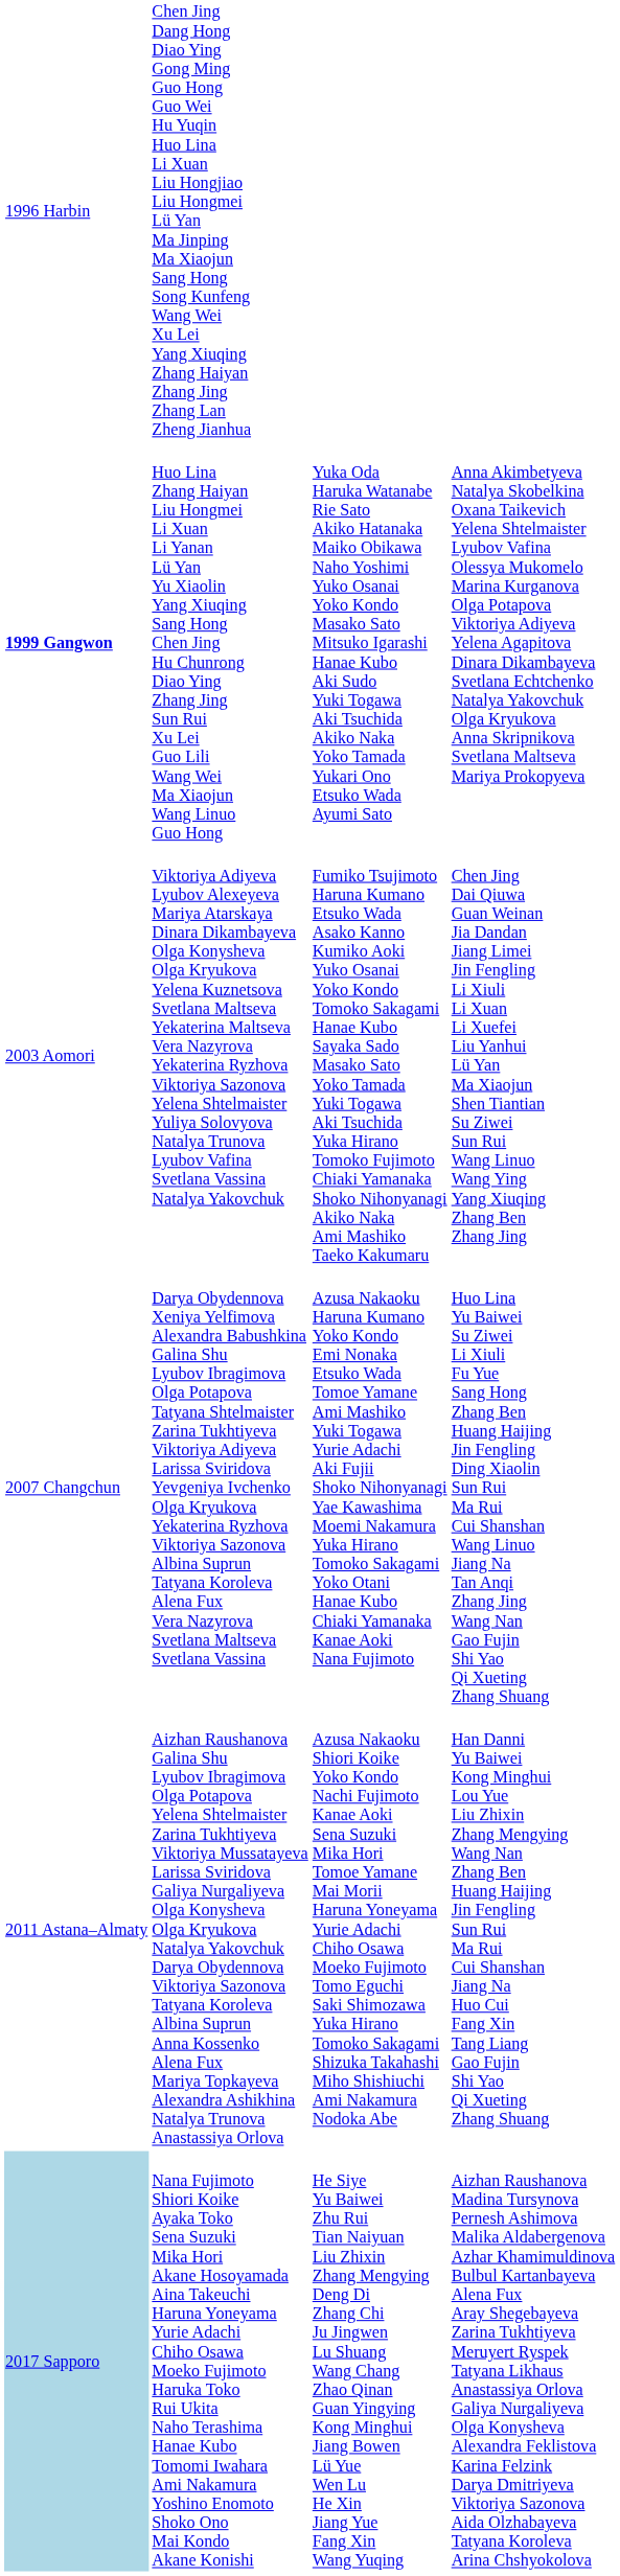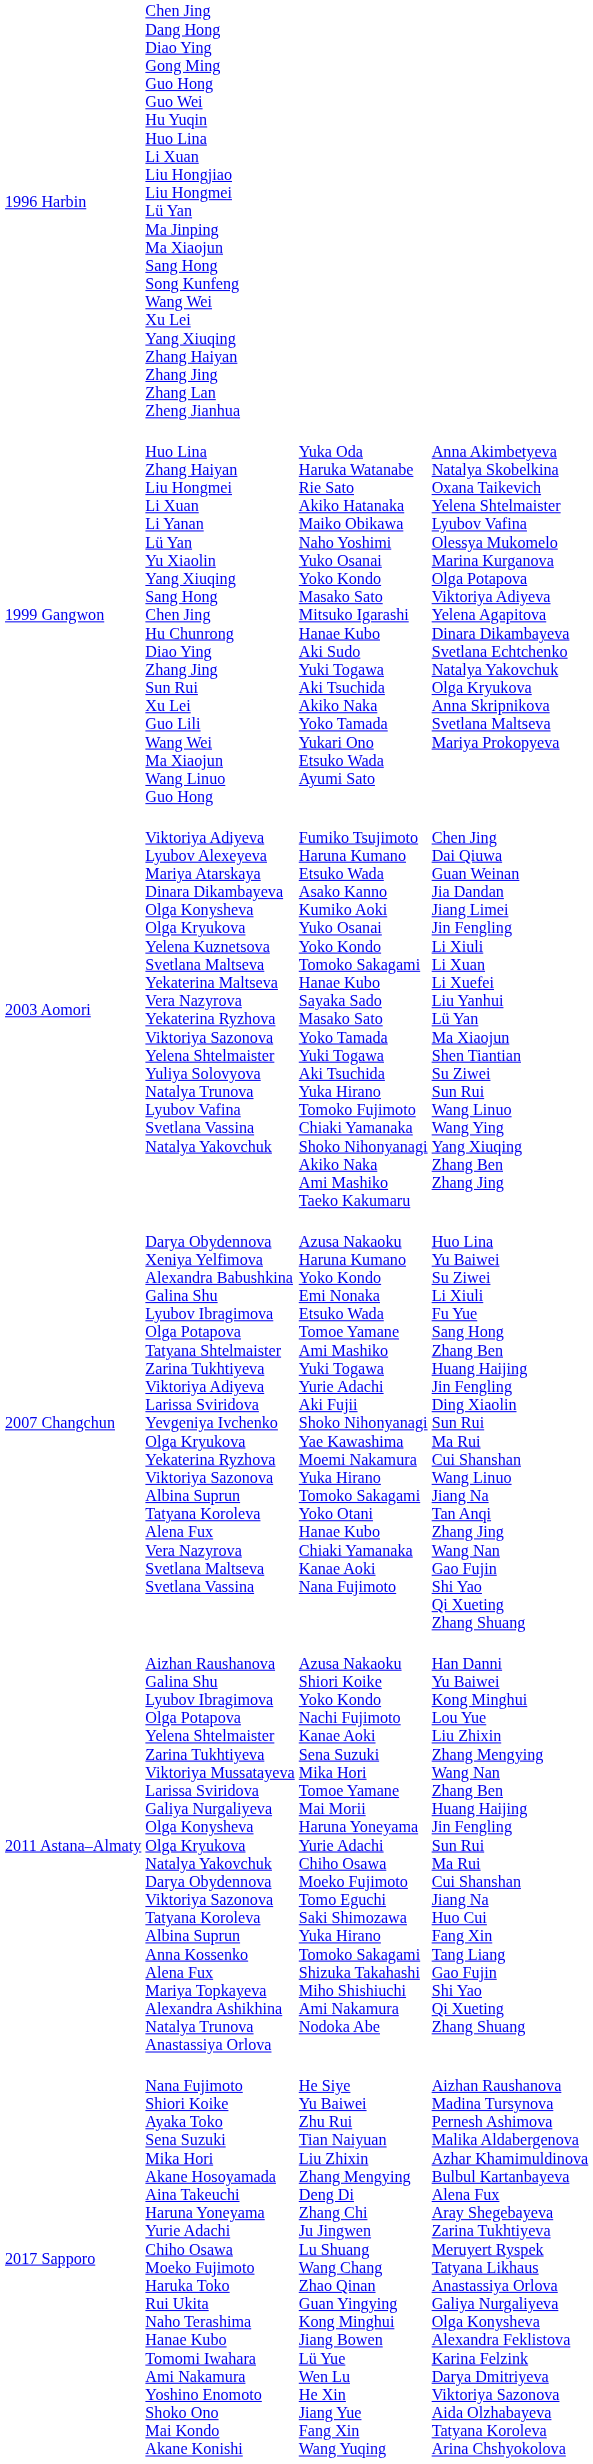 <table>
 <tr>
 <td><a href='#'>1996 Harbin</a></td>
 <td><br><a href='#'>Chen Jing</a><br><a href='#'>Dang Hong</a><br><a href='#'>Diao Ying</a><br><a href='#'>Gong Ming</a><br><a href='#'>Guo Hong</a><br><a href='#'>Guo Wei</a><br><a href='#'>Hu Yuqin</a><br><a href='#'>Huo Lina</a><br><a href='#'>Li Xuan</a><br><a href='#'>Liu Hongjiao</a><br><a href='#'>Liu Hongmei</a><br><a href='#'>Lü Yan</a><br><a href='#'>Ma Jinping</a><br><a href='#'>Ma Xiaojun</a><br><a href='#'>Sang Hong</a><br><a href='#'>Song Kunfeng</a><br><a href='#'>Wang Wei</a><br><a href='#'>Xu Lei</a><br><a href='#'>Yang Xiuqing</a><br><a href='#'>Zhang Haiyan</a><br><a href='#'>Zhang Jing</a><br><a href='#'>Zhang Lan</a><br><a href='#'>Zheng Jianhua</a></td>
 <td valign=top></td>
 <td valign=top></td>
 </tr>
 <tr>
-<td><strong><a href='#'>1999 Gangwon</a></strong></td>
+<td><a href='#'>1999 Gangwon</a></td>
 <td><br><a href='#'>Huo Lina</a><br><a href='#'>Zhang Haiyan</a><br><a href='#'>Liu Hongmei</a><br><a href='#'>Li Xuan</a><br><a href='#'>Li Yanan</a><br><a href='#'>Lü Yan</a><br><a href='#'>Yu Xiaolin</a><br><a href='#'>Yang Xiuqing</a><br><a href='#'>Sang Hong</a><br><a href='#'>Chen Jing</a><br><a href='#'>Hu Chunrong</a><br><a href='#'>Diao Ying</a><br><a href='#'>Zhang Jing</a><br><a href='#'>Sun Rui</a><br><a href='#'>Xu Lei</a><br><a href='#'>Guo Lili</a><br><a href='#'>Wang Wei</a><br><a href='#'>Ma Xiaojun</a><br><a href='#'>Wang Linuo</a><br><a href='#'>Guo Hong</a></td>
 <td valign=top><br><a href='#'>Yuka Oda</a><br><a href='#'>Haruka Watanabe</a><br><a href='#'>Rie Sato</a><br><a href='#'>Akiko Hatanaka</a><br><a href='#'>Maiko Obikawa</a><br><a href='#'>Naho Yoshimi</a><br><a href='#'>Yuko Osanai</a><br><a href='#'>Yoko Kondo</a><br><a href='#'>Masako Sato</a><br><a href='#'>Mitsuko Igarashi</a><br><a href='#'>Hanae Kubo</a><br><a href='#'>Aki Sudo</a><br><a href='#'>Yuki Togawa</a><br><a href='#'>Aki Tsuchida</a><br><a href='#'>Akiko Naka</a><br><a href='#'>Yoko Tamada</a><br><a href='#'>Yukari Ono</a><br><a href='#'>Etsuko Wada</a><br><a href='#'>Ayumi Sato</a></td>
 <td valign=top><br><a href='#'>Anna Akimbetyeva</a><br><a href='#'>Natalya Skobelkina</a><br><a href='#'>Oxana Taikevich</a><br><a href='#'>Yelena Shtelmaister</a><br><a href='#'>Lyubov Vafina</a><br><a href='#'>Olessya Mukomelo</a><br><a href='#'>Marina Kurganova</a><br><a href='#'>Olga Potapova</a><br><a href='#'>Viktoriya Adiyeva</a><br><a href='#'>Yelena Agapitova</a><br><a href='#'>Dinara Dikambayeva</a><br><a href='#'>Svetlana Echtchenko</a><br><a href='#'>Natalya Yakovchuk</a><br><a href='#'>Olga Kryukova</a><br><a href='#'>Anna Skripnikova</a><br><a href='#'>Svetlana Maltseva</a><br><a href='#'>Mariya Prokopyeva</a></td>
 </tr>
 <tr>
 <td><a href='#'>2003 Aomori</a></td>
 <td valign=top><br><a href='#'>Viktoriya Adiyeva</a><br><a href='#'>Lyubov Alexeyeva</a><br><a href='#'>Mariya Atarskaya</a><br><a href='#'>Dinara Dikambayeva</a><br><a href='#'>Olga Konysheva</a><br><a href='#'>Olga Kryukova</a><br><a href='#'>Yelena Kuznetsova</a><br><a href='#'>Svetlana Maltseva</a><br><a href='#'>Yekaterina Maltseva</a><br><a href='#'>Vera Nazyrova</a><br><a href='#'>Yekaterina Ryzhova</a><br><a href='#'>Viktoriya Sazonova</a><br><a href='#'>Yelena Shtelmaister</a><br><a href='#'>Yuliya Solovyova</a><br><a href='#'>Natalya Trunova</a><br><a href='#'>Lyubov Vafina</a><br><a href='#'>Svetlana Vassina</a><br><a href='#'>Natalya Yakovchuk</a></td>
 <td valign=top><br><a href='#'>Fumiko Tsujimoto</a><br><a href='#'>Haruna Kumano</a><br><a href='#'>Etsuko Wada</a><br><a href='#'>Asako Kanno</a><br><a href='#'>Kumiko Aoki</a><br><a href='#'>Yuko Osanai</a><br><a href='#'>Yoko Kondo</a><br><a href='#'>Tomoko Sakagami</a><br><a href='#'>Hanae Kubo</a><br><a href='#'>Sayaka Sado</a><br><a href='#'>Masako Sato</a><br><a href='#'>Yoko Tamada</a><br><a href='#'>Yuki Togawa</a><br><a href='#'>Aki Tsuchida</a><br><a href='#'>Yuka Hirano</a><br><a href='#'>Tomoko Fujimoto</a><br><a href='#'>Chiaki Yamanaka</a><br><a href='#'>Shoko Nihonyanagi</a><br><a href='#'>Akiko Naka</a><br><a href='#'>Ami Mashiko</a><br><a href='#'>Taeko Kakumaru</a></td>
 <td valign=top><br><a href='#'>Chen Jing</a><br><a href='#'>Dai Qiuwa</a><br><a href='#'>Guan Weinan</a><br><a href='#'>Jia Dandan</a><br><a href='#'>Jiang Limei</a><br><a href='#'>Jin Fengling</a><br><a href='#'>Li Xiuli</a><br><a href='#'>Li Xuan</a><br><a href='#'>Li Xuefei</a><br><a href='#'>Liu Yanhui</a><br><a href='#'>Lü Yan</a><br><a href='#'>Ma Xiaojun</a><br><a href='#'>Shen Tiantian</a><br><a href='#'>Su Ziwei</a><br><a href='#'>Sun Rui</a><br><a href='#'>Wang Linuo</a><br><a href='#'>Wang Ying</a><br><a href='#'>Yang Xiuqing</a><br><a href='#'>Zhang Ben</a><br><a href='#'>Zhang Jing</a></td>
 </tr>
 <tr>
 <td><a href='#'>2007 Changchun</a></td>
 <td valign=top><br><a href='#'>Darya Obydennova</a><br><a href='#'>Xeniya Yelfimova</a><br><a href='#'>Alexandra Babushkina</a><br><a href='#'>Galina Shu</a><br><a href='#'>Lyubov Ibragimova</a><br><a href='#'>Olga Potapova</a><br><a href='#'>Tatyana Shtelmaister</a><br><a href='#'>Zarina Tukhtiyeva</a><br><a href='#'>Viktoriya Adiyeva</a><br><a href='#'>Larissa Sviridova</a><br><a href='#'>Yevgeniya Ivchenko</a><br><a href='#'>Olga Kryukova</a><br><a href='#'>Yekaterina Ryzhova</a><br><a href='#'>Viktoriya Sazonova</a><br><a href='#'>Albina Suprun</a><br><a href='#'>Tatyana Koroleva</a><br><a href='#'>Alena Fux</a><br><a href='#'>Vera Nazyrova</a><br><a href='#'>Svetlana Maltseva</a><br><a href='#'>Svetlana Vassina</a></td>
 <td valign=top><br><a href='#'>Azusa Nakaoku</a><br><a href='#'>Haruna Kumano</a><br><a href='#'>Yoko Kondo</a><br><a href='#'>Emi Nonaka</a><br><a href='#'>Etsuko Wada</a><br><a href='#'>Tomoe Yamane</a><br><a href='#'>Ami Mashiko</a><br><a href='#'>Yuki Togawa</a><br><a href='#'>Yurie Adachi</a><br><a href='#'>Aki Fujii</a><br><a href='#'>Shoko Nihonyanagi</a><br><a href='#'>Yae Kawashima</a><br><a href='#'>Moemi Nakamura</a><br><a href='#'>Yuka Hirano</a><br><a href='#'>Tomoko Sakagami</a><br><a href='#'>Yoko Otani</a><br><a href='#'>Hanae Kubo</a><br><a href='#'>Chiaki Yamanaka</a><br><a href='#'>Kanae Aoki</a><br><a href='#'>Nana Fujimoto</a></td>
 <td><br><a href='#'>Huo Lina</a><br><a href='#'>Yu Baiwei</a><br><a href='#'>Su Ziwei</a><br><a href='#'>Li Xiuli</a><br><a href='#'>Fu Yue</a><br><a href='#'>Sang Hong</a><br><a href='#'>Zhang Ben</a><br><a href='#'>Huang Haijing</a><br><a href='#'>Jin Fengling</a><br><a href='#'>Ding Xiaolin</a><br><a href='#'>Sun Rui</a><br><a href='#'>Ma Rui</a><br><a href='#'>Cui Shanshan</a><br><a href='#'>Wang Linuo</a><br><a href='#'>Jiang Na</a><br><a href='#'>Tan Anqi</a><br><a href='#'>Zhang Jing</a><br><a href='#'>Wang Nan</a><br><a href='#'>Gao Fujin</a><br><a href='#'>Shi Yao</a><br><a href='#'>Qi Xueting</a><br><a href='#'>Zhang Shuang</a></td>
 </tr>
 <tr>
 <td><a href='#'>2011 Astana–Almaty</a></td>
 <td><br><a href='#'>Aizhan Raushanova</a><br><a href='#'>Galina Shu</a><br><a href='#'>Lyubov Ibragimova</a><br><a href='#'>Olga Potapova</a><br><a href='#'>Yelena Shtelmaister</a><br><a href='#'>Zarina Tukhtiyeva</a><br><a href='#'>Viktoriya Mussatayeva</a><br><a href='#'>Larissa Sviridova</a><br><a href='#'>Galiya Nurgaliyeva</a><br><a href='#'>Olga Konysheva</a><br><a href='#'>Olga Kryukova</a><br><a href='#'>Natalya Yakovchuk</a><br><a href='#'>Darya Obydennova</a><br><a href='#'>Viktoriya Sazonova</a><br><a href='#'>Tatyana Koroleva</a><br><a href='#'>Albina Suprun</a><br><a href='#'>Anna Kossenko</a><br><a href='#'>Alena Fux</a><br><a href='#'>Mariya Topkayeva</a><br><a href='#'>Alexandra Ashikhina</a><br><a href='#'>Natalya Trunova</a><br><a href='#'>Anastassiya Orlova</a></td>
 <td valign=top><br><a href='#'>Azusa Nakaoku</a><br><a href='#'>Shiori Koike</a><br><a href='#'>Yoko Kondo</a><br><a href='#'>Nachi Fujimoto</a><br><a href='#'>Kanae Aoki</a><br><a href='#'>Sena Suzuki</a><br><a href='#'>Mika Hori</a><br><a href='#'>Tomoe Yamane</a><br><a href='#'>Mai Morii</a><br><a href='#'>Haruna Yoneyama</a><br><a href='#'>Yurie Adachi</a><br><a href='#'>Chiho Osawa</a><br><a href='#'>Moeko Fujimoto</a><br><a href='#'>Tomo Eguchi</a><br><a href='#'>Saki Shimozawa</a><br><a href='#'>Yuka Hirano</a><br><a href='#'>Tomoko Sakagami</a><br><a href='#'>Shizuka Takahashi</a><br><a href='#'>Miho Shishiuchi</a><br><a href='#'>Ami Nakamura</a><br><a href='#'>Nodoka Abe</a></td>
 <td valign=top><br><a href='#'>Han Danni</a><br><a href='#'>Yu Baiwei</a><br><a href='#'>Kong Minghui</a><br><a href='#'>Lou Yue</a><br><a href='#'>Liu Zhixin</a><br><a href='#'>Zhang Mengying</a><br><a href='#'>Wang Nan</a><br><a href='#'>Zhang Ben</a><br><a href='#'>Huang Haijing</a><br><a href='#'>Jin Fengling</a><br><a href='#'>Sun Rui</a><br><a href='#'>Ma Rui</a><br><a href='#'>Cui Shanshan</a><br><a href='#'>Jiang Na</a><br><a href='#'>Huo Cui</a><br><a href='#'>Fang Xin</a><br><a href='#'>Tang Liang</a><br><a href='#'>Gao Fujin</a><br><a href='#'>Shi Yao</a><br><a href='#'>Qi Xueting</a><br><a href='#'>Zhang Shuang</a></td>
 </tr>
 <tr>
-<td style="background: lightblue;"><a href='#'>2017 Sapporo</a></td>
+<td><a href='#'>2017 Sapporo</a></td>
 <td><br><a href='#'>Nana Fujimoto</a><br><a href='#'>Shiori Koike</a><br><a href='#'>Ayaka Toko</a><br><a href='#'>Sena Suzuki</a><br><a href='#'>Mika Hori</a><br><a href='#'>Akane Hosoyamada</a><br><a href='#'>Aina Takeuchi</a><br><a href='#'>Haruna Yoneyama</a><br><a href='#'>Yurie Adachi</a><br><a href='#'>Chiho Osawa</a><br><a href='#'>Moeko Fujimoto</a><br><a href='#'>Haruka Toko</a><br><a href='#'>Rui Ukita</a><br><a href='#'>Naho Terashima</a><br><a href='#'>Hanae Kubo</a><br><a href='#'>Tomomi Iwahara</a><br><a href='#'>Ami Nakamura</a><br><a href='#'>Yoshino Enomoto</a><br><a href='#'>Shoko Ono</a><br><a href='#'>Mai Kondo</a><br><a href='#'>Akane Konishi</a></td>
 <td><br><a href='#'>He Siye</a><br><a href='#'>Yu Baiwei</a><br><a href='#'>Zhu Rui</a><br><a href='#'>Tian Naiyuan</a><br><a href='#'>Liu Zhixin</a><br><a href='#'>Zhang Mengying</a><br><a href='#'>Deng Di</a><br><a href='#'>Zhang Chi</a><br><a href='#'>Ju Jingwen</a><br><a href='#'>Lu Shuang</a><br><a href='#'>Wang Chang</a><br><a href='#'>Zhao Qinan</a><br><a href='#'>Guan Yingying</a><br><a href='#'>Kong Minghui</a><br><a href='#'>Jiang Bowen</a><br><a href='#'>Lü Yue</a><br><a href='#'>Wen Lu</a><br><a href='#'>He Xin</a><br><a href='#'>Jiang Yue</a><br><a href='#'>Fang Xin</a><br><a href='#'>Wang Yuqing</a></td>
 <td><br><a href='#'>Aizhan Raushanova</a><br><a href='#'>Madina Tursynova</a><br><a href='#'>Pernesh Ashimova</a><br><a href='#'>Malika Aldabergenova</a><br><a href='#'>Azhar Khamimuldinova</a><br><a href='#'>Bulbul Kartanbayeva</a><br><a href='#'>Alena Fux</a><br><a href='#'>Aray Shegebayeva</a><br><a href='#'>Zarina Tukhtiyeva</a><br><a href='#'>Meruyert Ryspek</a><br><a href='#'>Tatyana Likhaus</a><br><a href='#'>Anastassiya Orlova</a><br><a href='#'>Galiya Nurgaliyeva</a><br><a href='#'>Olga Konysheva</a><br><a href='#'>Alexandra Feklistova</a><br><a href='#'>Karina Felzink</a><br><a href='#'>Darya Dmitriyeva</a><br><a href='#'>Viktoriya Sazonova</a><br><a href='#'>Aida Olzhabayeva</a><br><a href='#'>Tatyana Koroleva</a><br><a href='#'>Arina Chshyokolova</a></td>
 </tr>
 </table>
